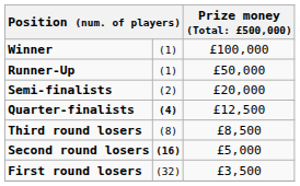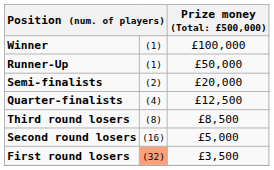 <table class="wikitable">
 <tr>
 <th colspan=2>Position <small>(num. of players)</small></th>
 <th>Prize money<br><small>(Total: £500,000)</small></th>
 </tr>
 <tr>
 <td><strong>Winner</strong></td>
 <td align=center><small>(1)</small></td>
 <td align=center>£100,000</td>
 </tr>
 <tr>
 <td><strong>Runner-Up</strong></td>
 <td align=center><small>(1)</small></td>
 <td align=center>£50,000</td>
 </tr>
 <tr>
 <td><strong>Semi-finalists</strong></td>
 <td align=center><small>(2)</small></td>
 <td align=center>£20,000</td>
 </tr>
 <tr>
 <td><strong>Quarter-finalists</strong></td>
-<td align=center><strong><small>(4)</small></strong></td>
+<td align=center><small>(4)</small></td>
 <td align=center>£12,500</td>
 </tr>
 <tr>
 <td><strong>Third round losers</strong></td>
 <td align=center><small>(8)</small></td>
 <td align=center>£8,500</td>
 </tr>
 <tr>
 <td><strong>Second round losers</strong></td>
-<td align=center><strong><small>(16)</small></strong></td>
+<td align=center><small>(16)</small></td>
 <td align=center>£5,000</td>
 </tr>
 <tr>
 <td><strong>First round losers</strong></td>
-<td align=center><small>(32)</small></td>
+<td align=center style="background: lightsalmon;"><small>(32)</small></td>
 <td align=center>£3,500</td>
 </tr>
 <tr>
 </tr>
 </table>
